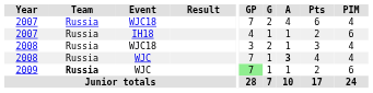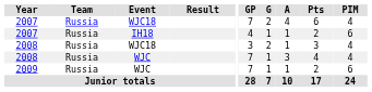 <table border="0" cellpadding="1" cellspacing="0" ID="Table3" style="text-align:center; width:40em">
 <tr ALIGN="center" bgcolor="#e0e0e0">
 <th>Year</th>
 <th>Team</th>
 <th>Event</th>
 <th>Result</th>
 <th rowspan="99" bgcolor="#ffffff"></th>
 <th>GP</th>
 <th>G</th>
 <th>A</th>
 <th>Pts</th>
 <th>PIM</th>
 </tr>
 <tr>
 <td><a href='#'>2007</a></td>
 <td><a href='#'>Russia</a></td>
 <td><a href='#'>WJC18</a></td>
 <td></td>
 <td>7</td>
 <td>2</td>
 <td>4</td>
 <td>6</td>
 <td>4</td>
 </tr>
 <tr bgcolor="#f0f0f0">
 <td><a href='#'>2007</a></td>
 <td>Russia</td>
 <td><a href='#'>IH18</a></td>
 <td></td>
 <td>4</td>
 <td>1</td>
 <td>1</td>
 <td>2</td>
 <td>6</td>
 </tr>
 <tr>
 <td><a href='#'>2008</a></td>
 <td>Russia</td>
 <td>WJC18</td>
 <td></td>
 <td>3</td>
 <td>2</td>
 <td>1</td>
 <td>3</td>
 <td>4</td>
 </tr>
 <tr bgcolor="#f0f0f0">
 <td><a href='#'>2008</a></td>
 <td>Russia</td>
 <td><a href='#'>WJC</a></td>
 <td></td>
 <td>7</td>
 <td>1</td>
-<td><strong>3</strong></td>
+<td>3</td>
 <td>4</td>
 <td>4</td>
 </tr>
 <tr>
 <td><a href='#'>2009</a></td>
-<td><strong>Russia</strong></td>
+<td>Russia</td>
 <td>WJC</td>
 <td></td>
-<td style="background: lightgreen;">7</td>
+<td>7</td>
 <td>1</td>
 <td>1</td>
 <td>2</td>
 <td>6</td>
 </tr>
 <tr bgcolor="#e0e0e0">
 <th colspan="4">Junior totals</th>
 <th>28</th>
 <th>7</th>
 <th>10</th>
 <th>17</th>
 <th>24</th>
 </tr>
 </table>
